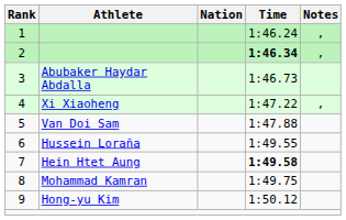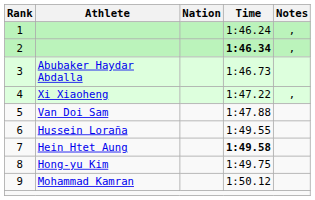 <table class="wikitable sortable" style="text-align:center;width: 60%;">
 <tr>
 <th scope="col" style="width: 10px;">Rank</th>
 <th scope="col">Athlete</th>
 <th scope="col">Nation</th>
 <th scope="col">Time</th>
 <th scope="col">Notes</th>
 </tr>
 <tr bgcolor=bbf3bb>
 <td>1</td>
 <td align="left"></td>
 <td align="left"></td>
 <td>1:46.24</td>
 <td>, </td>
 </tr>
 <tr bgcolor=bbf3bb>
 <td>2</td>
 <td align="left"></td>
 <td align="left"></td>
 <td><strong>1:46.34</strong></td>
 <td>, </td>
 </tr>
 <tr bgcolor=ddffdd>
 <td>3</td>
 <td align="left"><a href='#'>Abubaker Haydar Abdalla</a></td>
 <td align="left"></td>
 <td>1:46.73</td>
 <td></td>
 </tr>
 <tr bgcolor=ddffdd>
 <td>4</td>
 <td align="left"><a href='#'>Xi Xiaoheng</a></td>
 <td align="left"></td>
 <td>1:47.22</td>
 <td>, </td>
 </tr>
 <tr>
 <td>5</td>
 <td align="left"><a href='#'>Van Doi Sam</a></td>
 <td align="left"></td>
 <td>1:47.88</td>
 <td></td>
 </tr>
 <tr>
 <td>6</td>
 <td align="left"><a href='#'>Hussein Loraña</a></td>
 <td align="left"></td>
 <td>1:49.55</td>
 <td></td>
 </tr>
 <tr>
 <td>7</td>
 <td align="left"><a href='#'>Hein Htet Aung</a></td>
 <td align="left"></td>
 <td><strong>1:49.58</strong></td>
 <td></td>
 </tr>
 <tr>
 <td>8</td>
-<td align="left"><a href='#'>Mohammad Kamran</a></td>
+<td align="left"><a href='#'>Hong-yu Kim</a></td>
 <td align="left"></td>
 <td>1:49.75</td>
 <td></td>
 </tr>
 <tr>
 <td>9</td>
-<td align="left"><a href='#'>Hong-yu Kim</a></td>
+<td align="left"><a href='#'>Mohammad Kamran</a></td>
 <td align="left"></td>
 <td>1:50.12</td>
 <td></td>
 </tr>
 <tr class="sortbottom">
 <td colspan="5"></td>
 </tr>
 </table>
